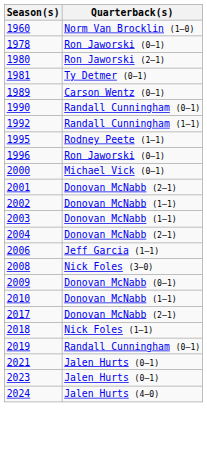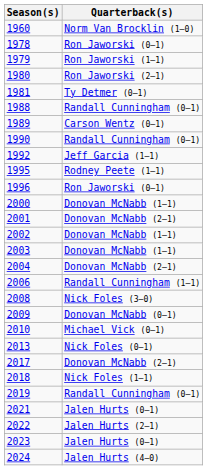 <table class="wikitable">
 <tr>
 <th>Season(s)</th>
 <th>Quarterback(s)</th>
 </tr>
 <tr>
 <td><a href='#'>1960</a></td>
 <td><a href='#'>Norm Van Brocklin</a> <small>(1–0)</small></td>
 </tr>
 <tr>
 <td><a href='#'>1978</a></td>
 <td><a href='#'>Ron Jaworski</a> <small>(0–1)</small></td>
 </tr>
 <tr>
+<td><a href='#'>1979</a></td>
+<td><a href='#'>Ron Jaworski</a> <small>(1–1)</small></td>
+</tr>
+<tr>
 <td><a href='#'>1980</a></td>
 <td><a href='#'>Ron Jaworski</a> <small>(2–1)</small></td>
 </tr>
 <tr>
 <td><a href='#'>1981</a></td>
 <td><a href='#'>Ty Detmer</a> <small>(0–1)</small></td>
+</tr>
+<tr>
+<td><a href='#'>1988</a></td>
+<td><a href='#'>Randall Cunningham</a> <small>(0–1)</small></td>
 </tr>
 <tr>
 <td><a href='#'>1989</a></td>
 <td><a href='#'>Carson Wentz</a> <small>(0–1)</small></td>
 </tr>
 <tr>
 <td><a href='#'>1990</a></td>
 <td><a href='#'>Randall Cunningham</a> <small>(0–1)</small></td>
 </tr>
 <tr>
 <td><a href='#'>1992</a></td>
-<td><a href='#'>Randall Cunningham</a> <small>(1–1)</small></td>
+<td><a href='#'>Jeff Garcia</a> <small>(1–1)</small></td>
 </tr>
 <tr>
 <td><a href='#'>1995</a></td>
 <td><a href='#'>Rodney Peete</a> <small>(1–1)</small></td>
 </tr>
 <tr>
 <td><a href='#'>1996</a></td>
 <td><a href='#'>Ron Jaworski</a> <small>(0–1)</small></td>
 </tr>
 <tr>
 <td><a href='#'>2000</a></td>
-<td><a href='#'>Michael Vick</a> <small>(0–1)</small></td>
+<td><a href='#'>Donovan McNabb</a> <small>(1–1)</small></td>
 </tr>
 <tr>
 <td><a href='#'>2001</a></td>
 <td><a href='#'>Donovan McNabb</a> <small>(2–1)</small></td>
 </tr>
 <tr>
 <td><a href='#'>2002</a></td>
 <td><a href='#'>Donovan McNabb</a> <small>(1–1)</small></td>
 </tr>
 <tr>
 <td><a href='#'>2003</a></td>
 <td><a href='#'>Donovan McNabb</a> <small>(1–1)</small></td>
 </tr>
 <tr>
 <td><a href='#'>2004</a></td>
 <td><a href='#'>Donovan McNabb</a> <small>(2–1)</small></td>
 </tr>
 <tr>
 <td><a href='#'>2006</a></td>
-<td><a href='#'>Jeff Garcia</a> <small>(1–1)</small></td>
+<td><a href='#'>Randall Cunningham</a> <small>(1–1)</small></td>
 </tr>
 <tr>
 <td><a href='#'>2008</a></td>
 <td><a href='#'>Nick Foles</a> <small>(3–0)</small></td>
 </tr>
 <tr>
 <td><a href='#'>2009</a></td>
 <td><a href='#'>Donovan McNabb</a> <small>(0–1)</small></td>
 </tr>
 <tr>
 <td><a href='#'>2010</a></td>
-<td><a href='#'>Donovan McNabb</a> <small>(1–1)</small></td>
+<td><a href='#'>Michael Vick</a> <small>(0–1)</small></td>
+</tr>
+<tr>
+<td><a href='#'>2013</a></td>
+<td><a href='#'>Nick Foles</a> <small>(0–1)</small></td>
 </tr>
 <tr>
 <td><a href='#'>2017</a></td>
 <td><a href='#'>Donovan McNabb</a> <small>(2–1)</small></td>
 </tr>
 <tr>
 <td><a href='#'>2018</a></td>
 <td><a href='#'>Nick Foles</a> <small>(1–1)</small></td>
 </tr>
 <tr>
 <td><a href='#'>2019</a></td>
 <td><a href='#'>Randall Cunningham</a> <small>(0–1)</small></td>
 </tr>
 <tr>
 <td><a href='#'>2021</a></td>
 <td><a href='#'>Jalen Hurts</a> <small>(0–1)</small></td>
 </tr>
 <tr>
+<td><a href='#'>2022</a></td>
+<td><a href='#'>Jalen Hurts</a> <small>(2–1)</small></td>
+</tr>
+<tr>
 <td><a href='#'>2023</a></td>
 <td><a href='#'>Jalen Hurts</a> <small>(0–1)</small></td>
 </tr>
 <tr>
 <td><a href='#'>2024</a></td>
 <td><a href='#'>Jalen Hurts</a> <small>(4–0)</small></td>
 </tr>
 </table>
